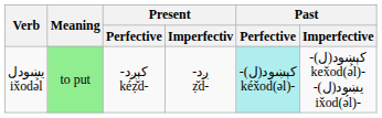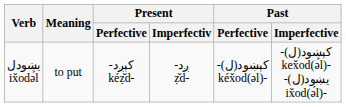 <table class="wikitable" style="text-align: center">
 <tr>
 <th rowspan="2">Verb</th>
 <th rowspan="2">Meaning</th>
 <th colspan="2">Present</th>
 <th colspan="2">Past</th>
 </tr>
 <tr>
 <th>Perfective</th>
 <th>Imperfectiv</th>
 <th>Perfective</th>
 <th>Imperfective</th>
 </tr>
 <tr>
 <td>یښودل <br> ix̌odә́l</td>
-<td style="background: lightgreen;">to put</td>
+<td>to put</td>
 <td>-کېږد<br> kéẓ̌d-</td>
 <td>-ږد <br> ẓ̌d-</td>
-<td style="background: paleturquoise;">-(کېښود(ل <br>kéx̌od(əl)-</td>
+<td>-(کېښود(ل <br>kéx̌od(əl)-</td>
 <td>-(کېښود(ل <br>kex̌od(ә́l)-<br>-(یښود(ل <br>ix̌od(ә́l)-</td>
 </tr>
 </table>
